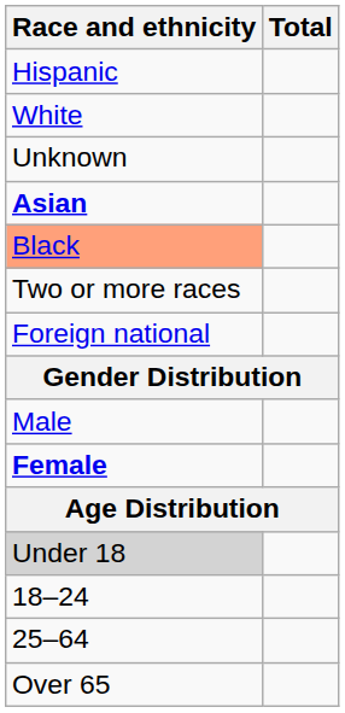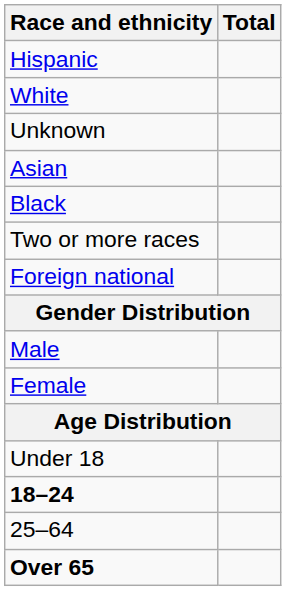 <table class="wikitable floatright sortable collapsible"; text-align:right; font-size:80%;">
 <tr>
 <th>Race and ethnicity</th>
 <th colspan="2" data-sort-type=number>Total</th>
 </tr>
 <tr>
 <td><a href='#'>Hispanic</a></td>
 <td align=right></td>
 </tr>
 <tr>
 <td><a href='#'>White</a></td>
 <td align=right></td>
 </tr>
 <tr>
 <td>Unknown</td>
 <td align=right></td>
 </tr>
 <tr>
-<td><strong><a href='#'>Asian</a></strong></td>
+<td><a href='#'>Asian</a></td>
 <td align=right></td>
 </tr>
 <tr>
-<td style="background: lightsalmon;"><a href='#'>Black</a></td>
+<td><a href='#'>Black</a></td>
 <td align=right></td>
 </tr>
 <tr>
 <td>Two or more races</td>
 <td align=right></td>
 </tr>
 <tr>
 <td><a href='#'>Foreign national</a></td>
 <td align=right></td>
 </tr>
 <tr>
 <th colspan="4" data-sort-type=number>Gender Distribution</th>
 </tr>
 <tr>
 <td><a href='#'>Male</a></td>
 <td align=right></td>
 </tr>
 <tr>
-<td><strong><a href='#'>Female</a></strong></td>
+<td><a href='#'>Female</a></td>
 <td align=right></td>
 </tr>
 <tr>
 <th colspan="4" data-sort-type=number>Age Distribution</th>
 </tr>
 <tr>
-<td style="background: lightgrey;">Under 18</td>
+<td>Under 18</td>
 <td align=right></td>
 </tr>
 <tr>
-<td>18–24</td>
+<td><strong>18–24</strong></td>
 <td align=right></td>
 </tr>
 <tr>
 <td>25–64</td>
 <td align=right></td>
 </tr>
 <tr>
-<td>Over 65</td>
+<td><strong>Over 65</strong></td>
 <td align=right></td>
 </tr>
 </table>
